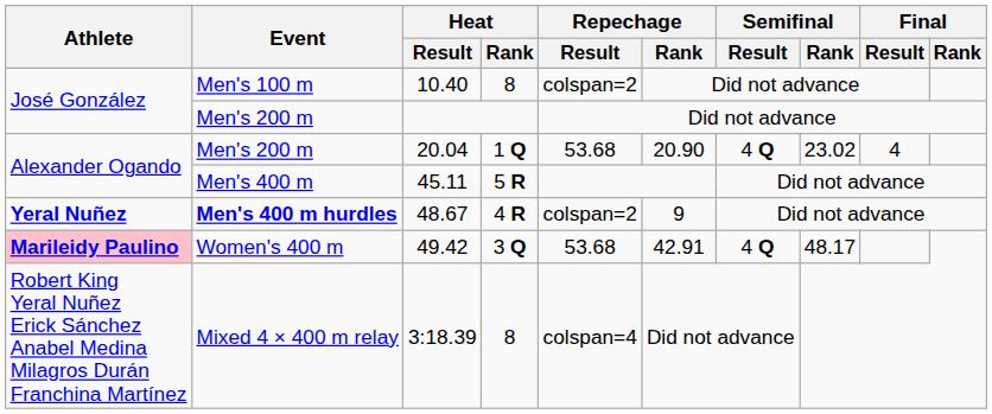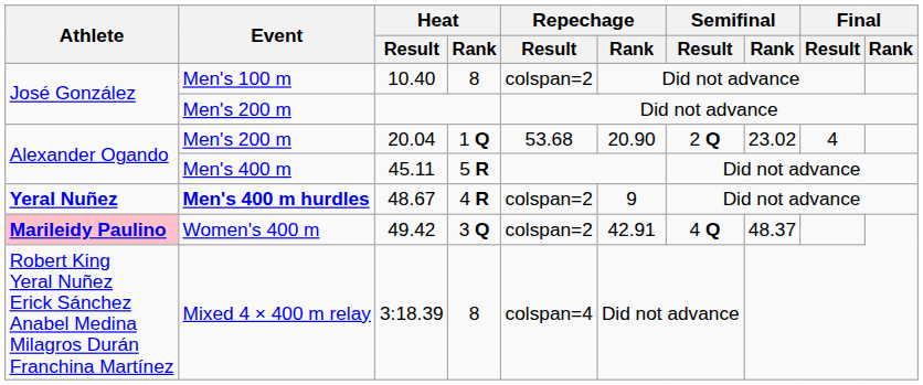 <table class="wikitable" style="font-size:90%">
 <tr>
 <th rowspan="2">Athlete</th>
 <th rowspan="2">Event</th>
 <th colspan="2">Heat</th>
 <th colspan="2">Repechage</th>
 <th colspan="2">Semifinal</th>
 <th colspan="2">Final</th>
 </tr>
 <tr style="font-size:95%">
 <th>Result</th>
 <th>Rank</th>
 <th>Result</th>
 <th>Rank</th>
 <th>Result</th>
 <th>Rank</th>
 <th>Result</th>
 <th>Rank</th>
 </tr>
 <tr align=center>
 <td align=left rowspan=2><a href='#'>José González</a></td>
 <td align=left><a href='#'>Men's 100 m</a></td>
 <td>10.40</td>
 <td>8</td>
 <td>colspan=2 </td>
 <td colspan="4">Did not advance</td>
 </tr>
 <tr align=center>
 <td align=left><a href='#'>Men's 200 m</a></td>
 <td colspan=2></td>
 <td colspan=6>Did not advance</td>
 </tr>
 <tr align=center>
 <td align=left rowspan=2><a href='#'>Alexander Ogando</a></td>
 <td align=left><a href='#'>Men's 200 m</a></td>
 <td>20.04</td>
 <td>1 <strong>Q</strong></td>
 <td>53.68</td>
 <td>20.90</td>
-<td>4 <strong>Q</strong></td>
+<td>2 <strong>Q</strong></td>
 <td>23.02</td>
 <td>4</td>
 </tr>
 <tr align=center>
 <td align=left><a href='#'>Men's 400 m</a></td>
 <td>45.11 </td>
 <td>5 <strong>R</strong></td>
 <td colspan=2></td>
 <td colspan=4>Did not advance</td>
 </tr>
 <tr align=center>
 <td align=left><strong><a href='#'>Yeral Nuñez</a></strong></td>
 <td align=left><strong><a href='#'>Men's 400 m hurdles</a></strong></td>
 <td>48.67</td>
 <td>4 <strong>R</strong></td>
 <td>colspan=2 </td>
 <td>9</td>
 <td colspan=4>Did not advance</td>
 </tr>
 <tr align=center>
 <td align=left style="background: pink;"><strong><a href='#'>Marileidy Paulino</a></strong></td>
 <td align=left><a href='#'>Women's 400 m</a></td>
 <td>49.42</td>
 <td>3 <strong>Q</strong></td>
-<td>53.68</td>
+<td>colspan=2 </td>
 <td>42.91</td>
 <td>4 <strong>Q</strong></td>
-<td>48.17 <strong></strong></td>
+<td>48.37 <strong></strong></td>
 <td></td>
 </tr>
 <tr align=center>
 <td align=left><a href='#'>Robert King</a><br><a href='#'>Yeral Nuñez</a><br><a href='#'>Erick Sánchez</a><br><a href='#'>Anabel Medina</a><br><a href='#'>Milagros Durán</a><br><a href='#'>Franchina Martínez</a></td>
 <td align=left><a href='#'>Mixed 4 × 400 m relay</a></td>
 <td>3:18.39</td>
 <td>8</td>
 <td>colspan=4 </td>
 <td colspan="2">Did not advance</td>
 </tr>
 </table>
